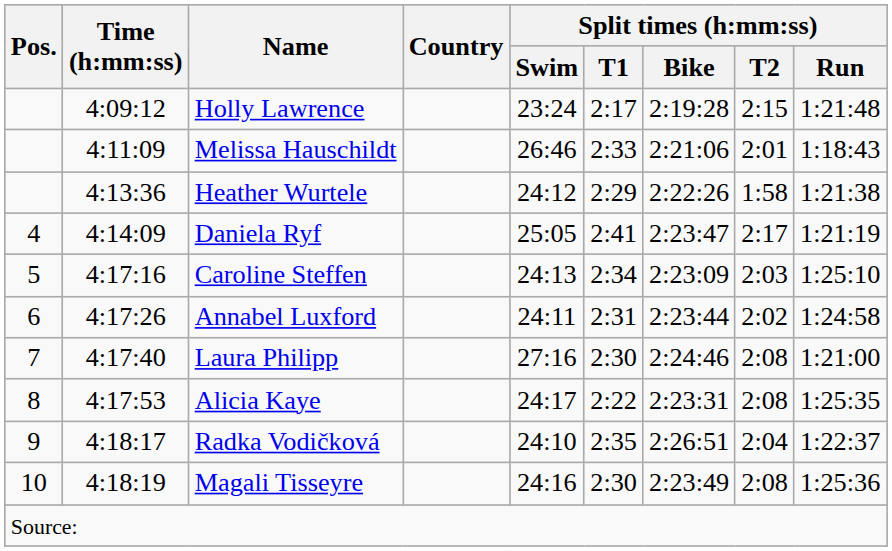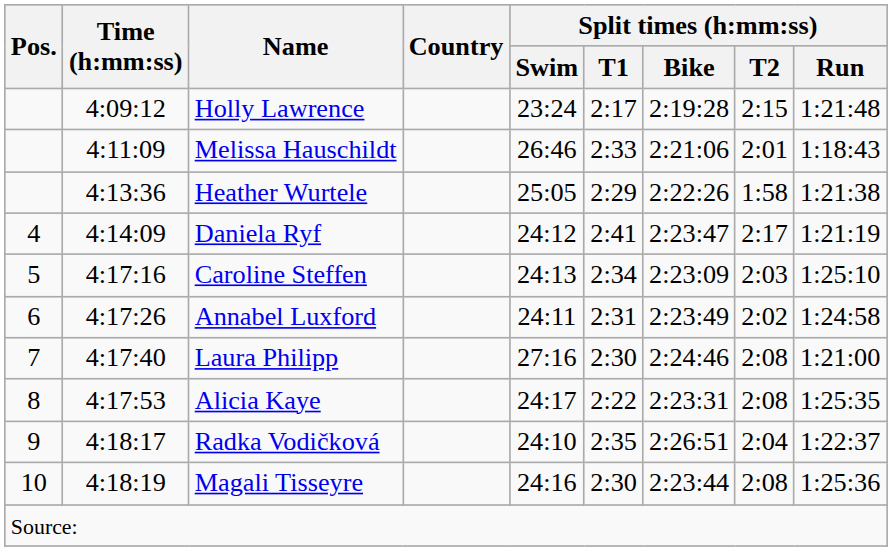 <table class="wikitable" style="text-align:center">
 <tr>
 <th rowspan="2">Pos.</th>
 <th rowspan="2">Time<br>(h:mm:ss)</th>
 <th rowspan="2">Name</th>
 <th rowspan="2">Country</th>
 <th colspan="5">Split times (h:mm:ss)</th>
 </tr>
 <tr>
 <th>Swim</th>
 <th>T1</th>
 <th>Bike</th>
 <th>T2</th>
 <th>Run</th>
 </tr>
 <tr>
 <td></td>
 <td>4:09:12</td>
 <td align='left'><a href='#'>Holly Lawrence</a></td>
 <td align='left'></td>
 <td>23:24</td>
 <td>2:17</td>
 <td>2:19:28</td>
 <td>2:15</td>
 <td>1:21:48</td>
 </tr>
 <tr>
 <td></td>
 <td>4:11:09</td>
 <td align='left'><a href='#'>Melissa Hauschildt</a></td>
 <td align='left'></td>
 <td>26:46</td>
 <td>2:33</td>
 <td>2:21:06</td>
 <td>2:01</td>
 <td>1:18:43</td>
 </tr>
 <tr>
 <td></td>
 <td>4:13:36</td>
 <td align='left'><a href='#'>Heather Wurtele</a></td>
 <td align='left'></td>
-<td>24:12</td>
+<td>25:05</td>
 <td>2:29</td>
 <td>2:22:26</td>
 <td>1:58</td>
 <td>1:21:38</td>
 </tr>
 <tr>
 <td>4</td>
 <td>4:14:09</td>
 <td align='left'><a href='#'>Daniela Ryf</a></td>
 <td align='left'></td>
-<td>25:05</td>
+<td>24:12</td>
 <td>2:41</td>
 <td>2:23:47</td>
 <td>2:17</td>
 <td>1:21:19</td>
 </tr>
 <tr>
 <td>5</td>
 <td>4:17:16</td>
 <td align='left'><a href='#'>Caroline Steffen</a></td>
 <td align='left'></td>
 <td>24:13</td>
 <td>2:34</td>
 <td>2:23:09</td>
 <td>2:03</td>
 <td>1:25:10</td>
 </tr>
 <tr>
 <td>6</td>
 <td>4:17:26</td>
 <td align='left'><a href='#'>Annabel Luxford</a></td>
 <td align='left'></td>
 <td>24:11</td>
 <td>2:31</td>
-<td>2:23:44</td>
+<td>2:23:49</td>
 <td>2:02</td>
 <td>1:24:58</td>
 </tr>
 <tr>
 <td>7</td>
 <td>4:17:40</td>
 <td align='left'><a href='#'>Laura Philipp</a></td>
 <td align='left'></td>
 <td>27:16</td>
 <td>2:30</td>
 <td>2:24:46</td>
 <td>2:08</td>
 <td>1:21:00</td>
 </tr>
 <tr>
 <td>8</td>
 <td>4:17:53</td>
 <td align='left'><a href='#'>Alicia Kaye</a></td>
 <td align='left'></td>
 <td>24:17</td>
 <td>2:22</td>
 <td>2:23:31</td>
 <td>2:08</td>
 <td>1:25:35</td>
 </tr>
 <tr>
 <td>9</td>
 <td>4:18:17</td>
 <td align='left'><a href='#'>Radka Vodičková</a></td>
 <td align='left'></td>
 <td>24:10</td>
 <td>2:35</td>
 <td>2:26:51</td>
 <td>2:04</td>
 <td>1:22:37</td>
 </tr>
 <tr>
 <td>10</td>
 <td>4:18:19</td>
 <td align='left'><a href='#'>Magali Tisseyre</a></td>
 <td align='left'></td>
 <td>24:16</td>
 <td>2:30</td>
-<td>2:23:49</td>
+<td>2:23:44</td>
 <td>2:08</td>
 <td>1:25:36</td>
 </tr>
 <tr>
 <td colspan="9" align="left"><small>Source:</small></td>
 </tr>
 </table>
